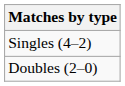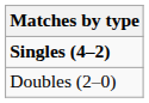 <table class="wikitable" style=font-size:90%>
 <tr>
 <th>Matches by type</th>
 </tr>
 <tr>
-<td>Singles (4–2)</td>
+<td><strong>Singles (4–2)</strong></td>
 </tr>
 <tr>
 <td>Doubles (2–0)</td>
 </tr>
 </table>
